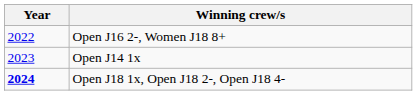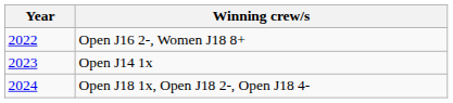 <table class="wikitable">
 <tr>
 <th width=70>Year</th>
 <th width=400>Winning crew/s</th>
 </tr>
 <tr>
 <td><a href='#'>2022</a></td>
 <td>Open J16 2-, Women J18 8+</td>
 </tr>
 <tr>
 <td><a href='#'>2023</a></td>
 <td>Open J14 1x</td>
 </tr>
 <tr>
-<td><strong><a href='#'>2024</a></strong></td>
+<td><a href='#'>2024</a></td>
 <td>Open J18 1x, Open J18 2-, Open J18 4-</td>
 </tr>
 </table>
